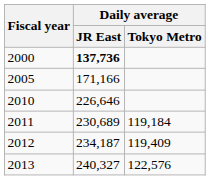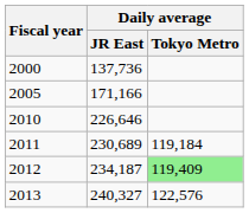 <table class="wikitable">
 <tr>
 <th rowspan="2">Fiscal year</th>
 <th colspan="3">Daily average</th>
 </tr>
 <tr>
 <th>JR East</th>
 <th>Tokyo Metro</th>
 </tr>
 <tr>
 <td>2000</td>
-<td><strong>137,736</strong></td>
+<td>137,736</td>
 <td></td>
 </tr>
 <tr>
 <td>2005</td>
 <td>171,166</td>
 <td></td>
 </tr>
 <tr>
 <td>2010</td>
 <td>226,646</td>
 <td></td>
 </tr>
 <tr>
 <td>2011</td>
 <td>230,689</td>
 <td>119,184</td>
 </tr>
 <tr>
 <td>2012</td>
 <td>234,187</td>
-<td>119,409</td>
+<td style="background: lightgreen;">119,409</td>
 </tr>
 <tr>
 <td>2013</td>
 <td>240,327</td>
 <td>122,576</td>
 </tr>
 </table>
